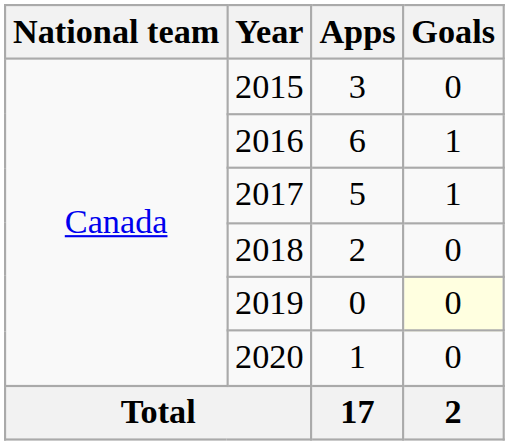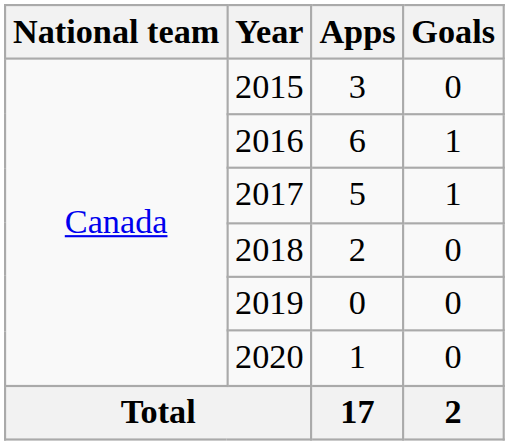 <table class="wikitable" style="text-align:center">
 <tr>
 <th>National team</th>
 <th>Year</th>
 <th>Apps</th>
 <th>Goals</th>
 </tr>
 <tr>
 <td rowspan="6"><a href='#'>Canada</a></td>
 <td>2015</td>
 <td>3</td>
 <td>0</td>
 </tr>
 <tr>
 <td>2016</td>
 <td>6</td>
 <td>1</td>
 </tr>
 <tr>
 <td>2017</td>
 <td>5</td>
 <td>1</td>
 </tr>
 <tr>
 <td>2018</td>
 <td>2</td>
 <td>0</td>
 </tr>
 <tr>
 <td>2019</td>
 <td>0</td>
-<td style="background: lightyellow;">0</td>
+<td>0</td>
 </tr>
 <tr>
 <td>2020</td>
 <td>1</td>
 <td>0</td>
 </tr>
 <tr>
 <th colspan="2">Total</th>
 <th>17</th>
 <th>2</th>
 </tr>
 </table>
